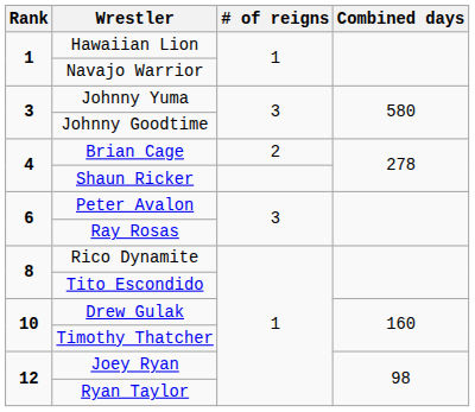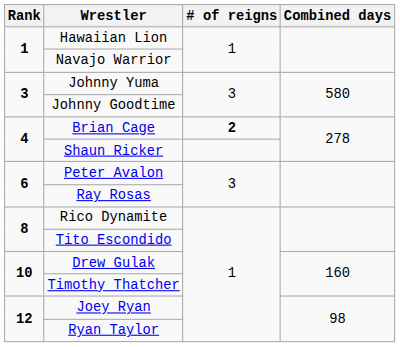 <table class="wikitable sortable" style="text-align:center;">
 <tr>
 <th>Rank</th>
 <th>Wrestler</th>
 <th># of reigns</th>
 <th>Combined days</th>
 </tr>
 <tr>
 <td rowspan=2><strong>1</strong></td>
 <td>Hawaiian Lion</td>
 <td rowspan=2>1</td>
 <td rowspan=2></td>
 </tr>
 <tr>
 <td>Navajo Warrior</td>
 </tr>
 <tr>
 <td rowspan=2><strong>3</strong></td>
 <td>Johnny Yuma</td>
 <td rowspan=2>3</td>
 <td rowspan=2>580</td>
 </tr>
 <tr>
 <td>Johnny Goodtime</td>
 </tr>
 <tr>
 <td rowspan=2><strong>4</strong></td>
 <td><a href='#'>Brian Cage</a></td>
-<td rowpsan=2>2</td>
+<td rowpsan=2><strong>2</strong></td>
 <td rowspan=2>278</td>
 </tr>
 <tr>
 <td><a href='#'>Shaun Ricker</a></td>
 </tr>
 <tr>
 <td rowspan=2><strong>6</strong></td>
 <td><a href='#'>Peter Avalon</a></td>
 <td rowspan=2>3</td>
 <td rowspan=2></td>
 </tr>
 <tr>
 <td><a href='#'>Ray Rosas</a></td>
 </tr>
 <tr>
 <td rowspan=2><strong>8</strong></td>
 <td>Rico Dynamite</td>
 <td rowspan=6>1</td>
 <td rowspan=2></td>
 </tr>
 <tr>
 <td><a href='#'>Tito Escondido</a></td>
 </tr>
 <tr>
 <td rowspan=2><strong>10</strong></td>
 <td><a href='#'>Drew Gulak</a></td>
 <td rowspan=2>160</td>
 </tr>
 <tr>
 <td><a href='#'>Timothy Thatcher</a></td>
 </tr>
 <tr>
 <td rowspan=2><strong>12</strong></td>
 <td><a href='#'>Joey Ryan</a></td>
 <td rowspan=2>98</td>
 </tr>
 <tr>
 <td><a href='#'>Ryan Taylor</a></td>
 </tr>
 </table>
